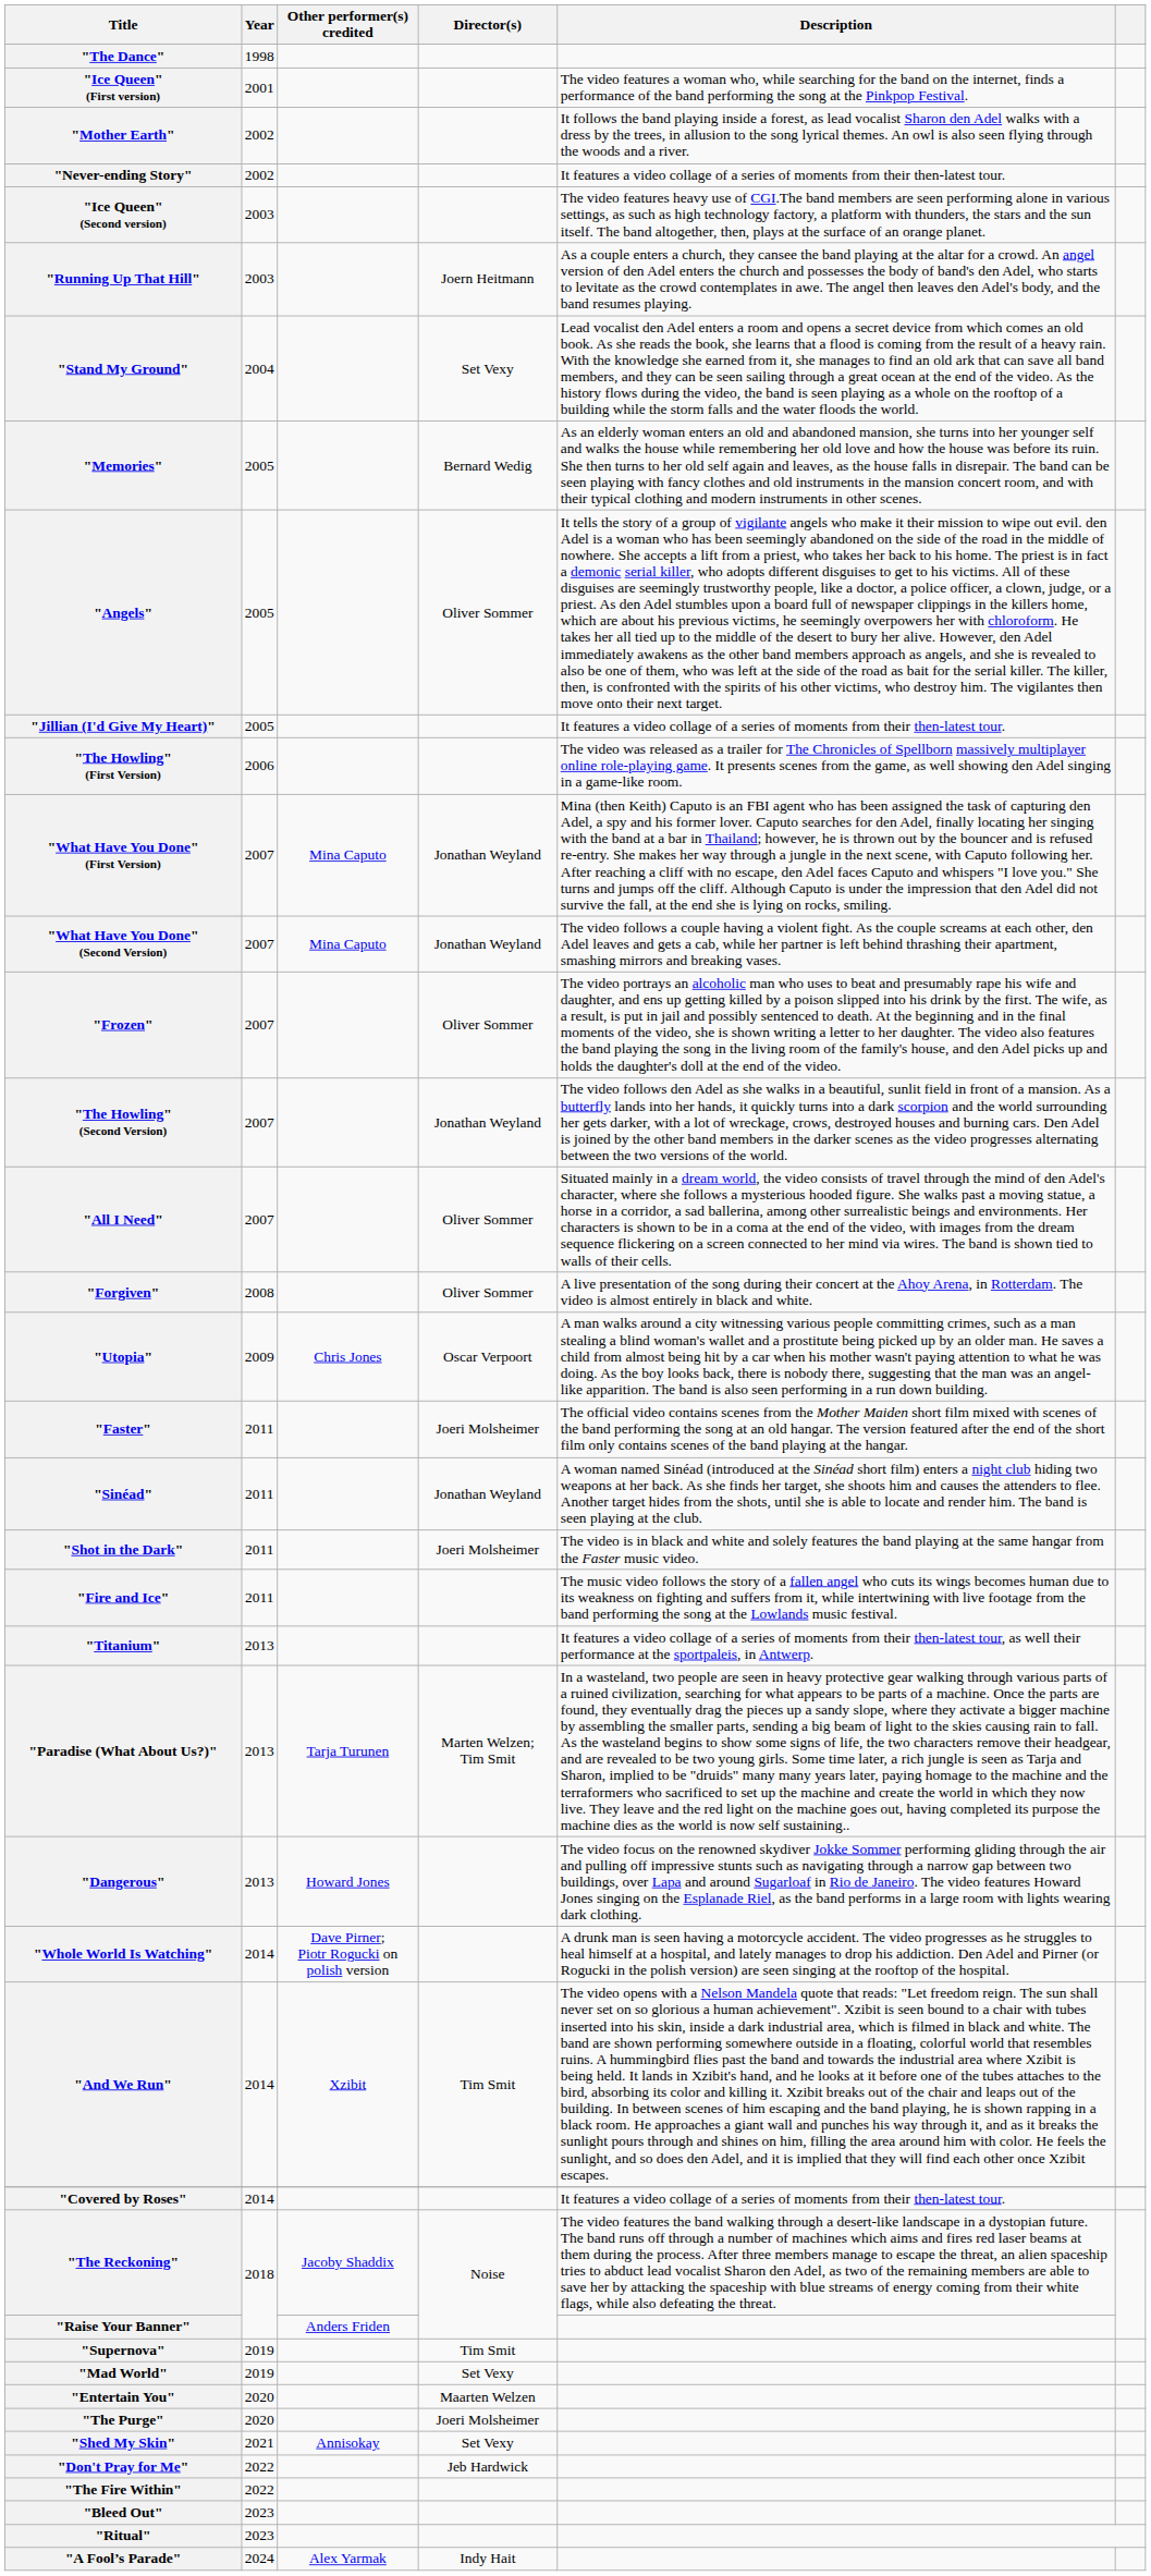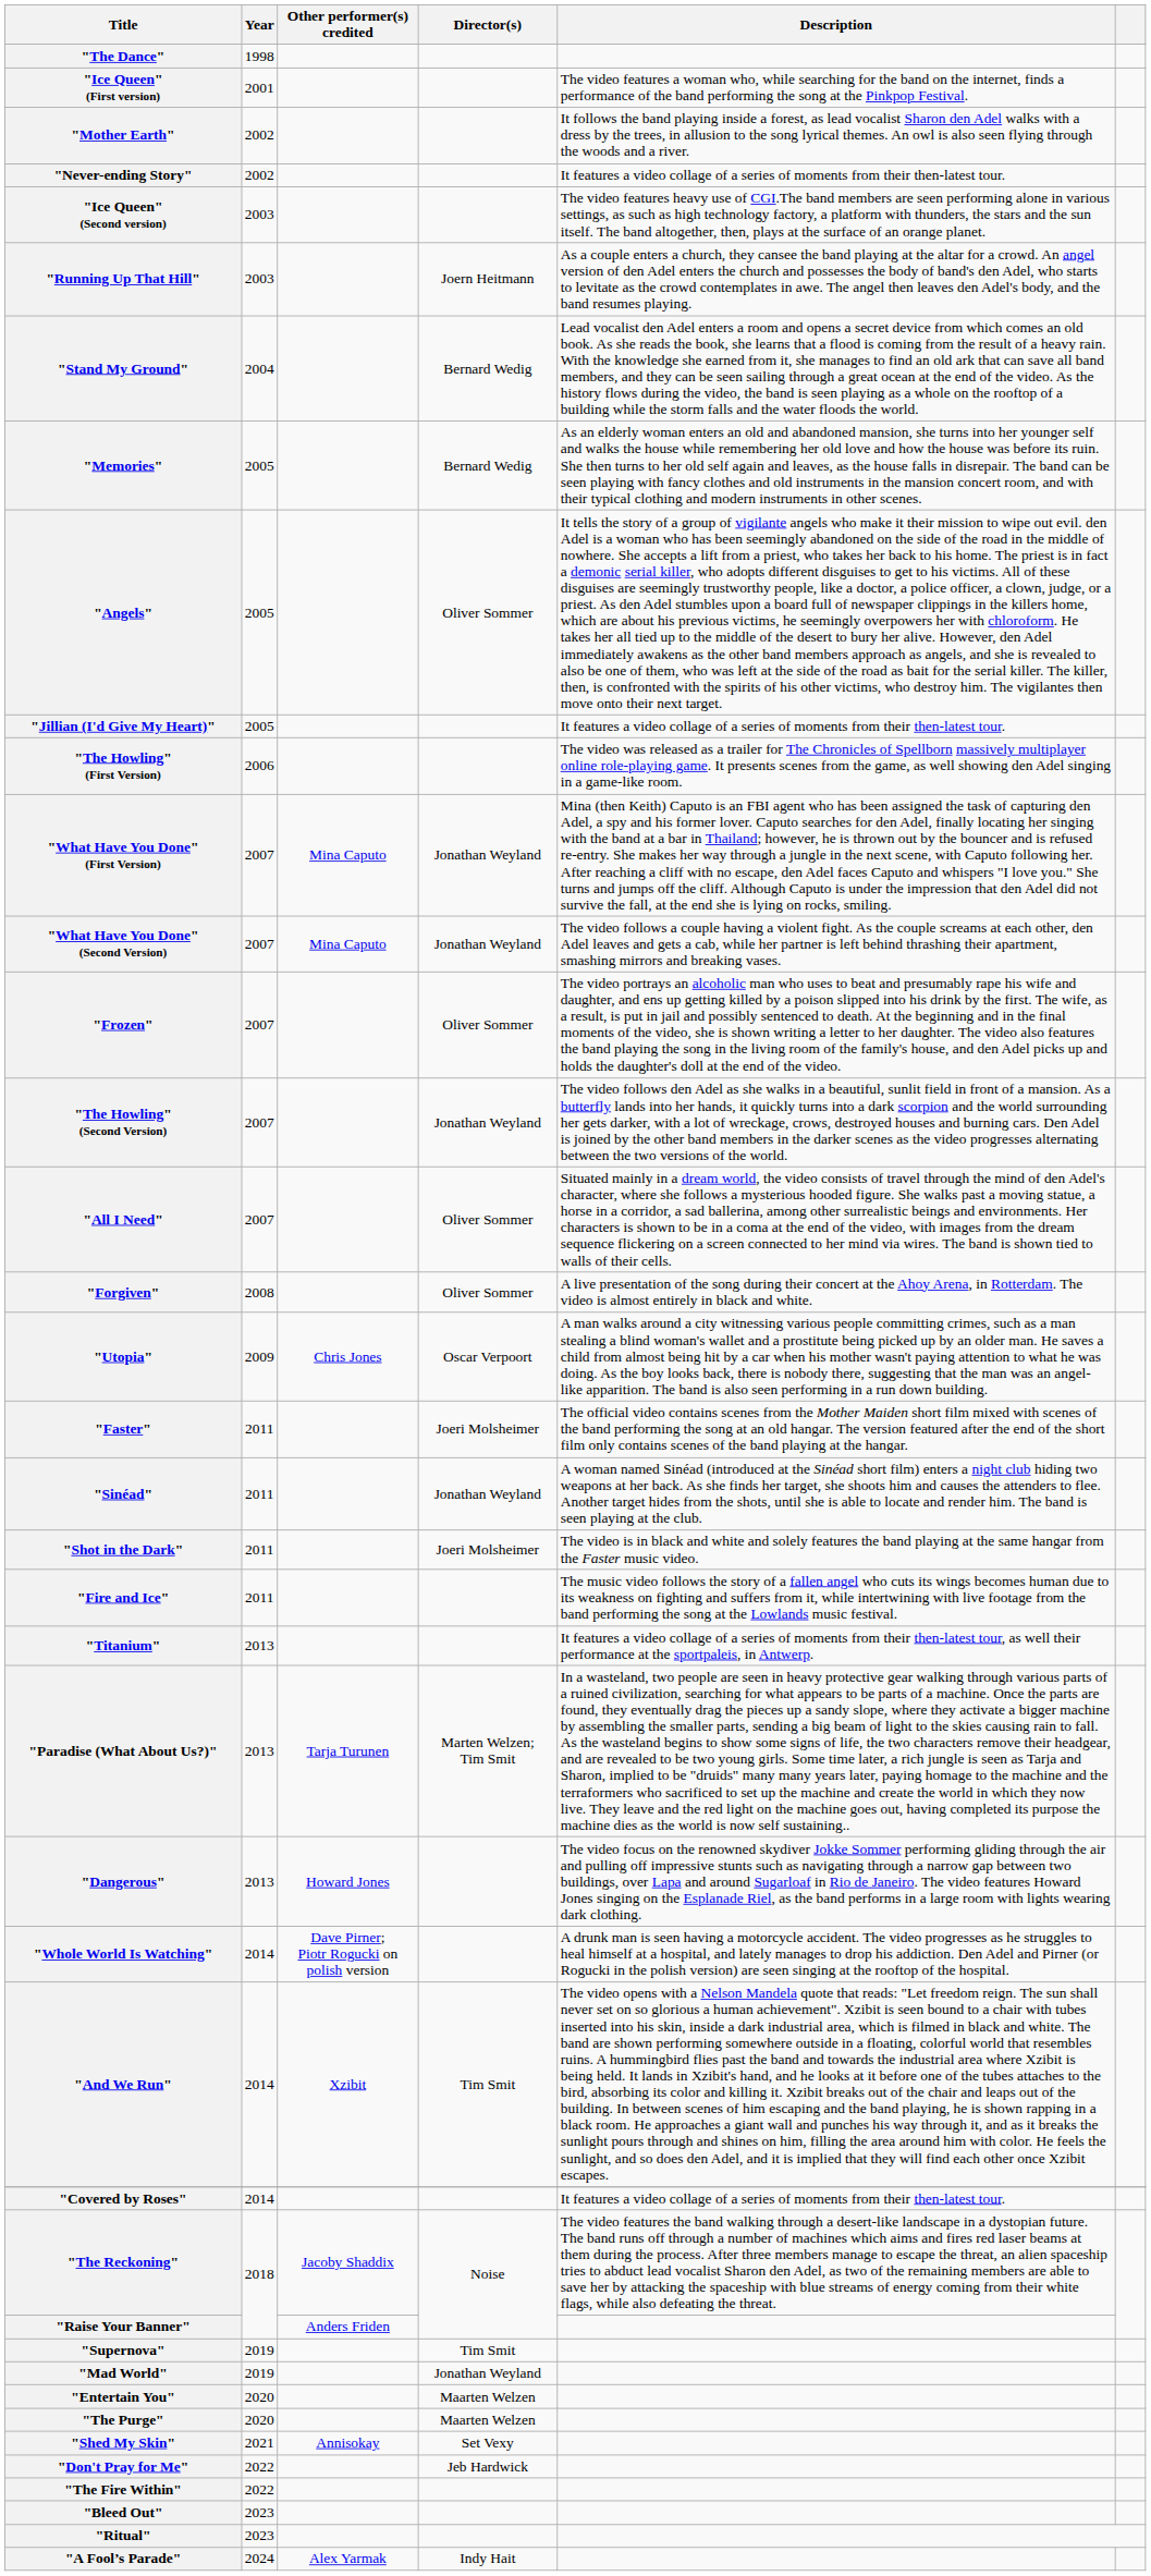 <table class="wikitable sortable plainrowheaders" style="text-align:center;">
 <tr>
 <th scope="col" style="width:18em;">Title</th>
 <th scope="col" style="width:2em;">Year</th>
 <th scope="col" style="width:10em;">Other performer(s) credited</th>
 <th scope="col" style="width:10em;">Director(s)</th>
 <th scope="col" style="width:45em;" class="unsortable">Description</th>
 <th scope="col" style="width:2em;" class="unsortable"></th>
 </tr>
 <tr>
 <th scope="row">"<a href='#'>The Dance</a>"</th>
 <td>1998</td>
 <td></td>
 <td></td>
 <td style="text-align:left;"></td>
 <td></td>
 </tr>
 <tr>
 <th scope="row">"<a href='#'>Ice Queen</a>"<br><small>(First version)</small></th>
 <td>2001</td>
 <td></td>
 <td></td>
 <td style="text-align:left;">The video features a woman who, while searching for the band on the internet, finds a performance of the band performing the song at the <a href='#'>Pinkpop Festival</a>.</td>
 <td></td>
 </tr>
 <tr>
 <th scope="row">"<a href='#'>Mother Earth</a>"</th>
 <td>2002</td>
 <td></td>
 <td></td>
 <td style="text-align:left;">It follows the band playing inside a forest, as lead vocalist <a href='#'>Sharon den Adel</a> walks with a dress by the trees, in allusion to the song lyrical themes. An owl is also seen flying through the woods and a river.</td>
 <td></td>
 </tr>
 <tr>
 <th scope="row">"Never-ending Story"</th>
 <td>2002</td>
 <td></td>
 <td></td>
 <td style="text-align:left;">It features a video collage of a series of moments from their then-latest tour.</td>
 <td></td>
 </tr>
 <tr>
 <th scope="row">"Ice Queen"<br><small>(Second version)</small></th>
 <td>2003</td>
 <td></td>
 <td></td>
 <td style="text-align:left;">The video features heavy use of <a href='#'>CGI</a>.The band members are seen performing alone in various settings, as such as high technology factory, a platform with thunders, the stars and the sun itself. The band altogether, then, plays at the surface of an orange planet.</td>
 <td></td>
 </tr>
 <tr>
 <th scope="row">"<a href='#'>Running Up That Hill</a>"</th>
 <td>2003</td>
 <td></td>
 <td>Joern Heitmann</td>
 <td style="text-align:left;">As a couple enters a church, they cansee the band playing at the altar for a crowd. An <a href='#'>angel</a> version of den Adel enters the church and possesses the body of band's den Adel, who starts to levitate as the crowd contemplates in awe. The angel then leaves den Adel's body, and the band resumes playing.</td>
 <td></td>
 </tr>
 <tr>
 <th scope="row">"<a href='#'>Stand My Ground</a>"</th>
 <td>2004</td>
 <td></td>
-<td>Set Vexy</td>
+<td>Bernard Wedig</td>
 <td style="text-align:left;">Lead vocalist den Adel enters a room and opens a secret device from which comes an old book. As she reads the book, she learns that a flood is coming from the result of a heavy rain. With the knowledge she earned from it, she manages to find an old ark that can save all band members, and they can be seen sailing through a great ocean at the end of the video. As the history flows during the video, the band is seen playing as a whole on the rooftop of a building while the storm falls and the water floods the world.</td>
 <td></td>
 </tr>
 <tr>
 <th scope="row">"<a href='#'>Memories</a>"</th>
 <td>2005</td>
 <td></td>
 <td>Bernard Wedig</td>
 <td style="text-align:left;">As an elderly woman enters an old and abandoned mansion, she turns into her younger self and walks the house while remembering her old love and how the house was before its ruin. She then turns to her old self again and leaves, as the house falls in disrepair. The band can be seen playing with fancy clothes and old instruments in the mansion concert room, and with their typical clothing and modern instruments in other scenes.</td>
 <td></td>
 </tr>
 <tr>
 <th scope="row">"<a href='#'>Angels</a>"</th>
 <td>2005</td>
 <td></td>
 <td>Oliver Sommer</td>
 <td style="text-align:left;">It tells the story of a group of <a href='#'>vigilante</a> angels who make it their mission to wipe out evil. den Adel is a woman who has been seemingly abandoned on the side of the road in the middle of nowhere. She accepts a lift from a priest, who takes her back to his home. The priest is in fact a <a href='#'>demonic</a> <a href='#'>serial killer</a>, who adopts different disguises to get to his victims. All of these disguises are seemingly trustworthy people, like a doctor, a police officer, a clown, judge, or a priest. As den Adel stumbles upon a board full of newspaper clippings in the killers home, which are about his previous victims, he seemingly overpowers her with <a href='#'>chloroform</a>. He takes her all tied up to the middle of the desert to bury her alive. However, den Adel immediately awakens as the other band members approach as angels, and she is revealed to also be one of them, who was left at the side of the road as bait for the serial killer. The killer, then, is confronted with the spirits of his other victims, who destroy him. The vigilantes then move onto their next target.</td>
 <td></td>
 </tr>
 <tr>
 <th scope="row">"<a href='#'>Jillian (I'd Give My Heart)</a>"</th>
 <td>2005</td>
 <td></td>
 <td></td>
 <td style="text-align:left;">It features a video collage of a series of moments from their <a href='#'>then-latest tour</a>.</td>
 <td></td>
 </tr>
 <tr>
 <th scope="row">"<a href='#'>The Howling</a>"<br><small>(First Version)</small></th>
 <td>2006</td>
 <td></td>
 <td></td>
 <td style="text-align:left;">The video was released as a trailer for <a href='#'>The Chronicles of Spellborn</a> <a href='#'>massively multiplayer online role-playing game</a>. It presents scenes from the game, as well showing den Adel singing in a game-like room.</td>
 <td></td>
 </tr>
 <tr>
 <th scope="row">"<a href='#'>What Have You Done</a>"<br><small>(First Version)</small></th>
 <td>2007</td>
 <td><a href='#'>Mina Caputo</a></td>
 <td>Jonathan Weyland</td>
 <td style="text-align:left;">Mina (then Keith) Caputo is an FBI agent who has been assigned the task of capturing den Adel, a spy and his former lover. Caputo searches for den Adel, finally locating her singing with the band at a bar in <a href='#'>Thailand</a>; however, he is thrown out by the bouncer and is refused re-entry. She makes her way through a jungle in the next scene, with Caputo following her. After reaching a cliff with no escape, den Adel faces Caputo and whispers "I love you." She turns and jumps off the cliff. Although Caputo is under the impression that den Adel did not survive the fall, at the end she is lying on rocks, smiling.</td>
 <td></td>
 </tr>
 <tr>
 <th scope="row">"<a href='#'>What Have You Done</a>"<br><small>(Second Version)</small></th>
 <td>2007</td>
 <td><a href='#'>Mina Caputo</a></td>
 <td>Jonathan Weyland</td>
 <td style="text-align:left;">The video follows a couple having a violent fight. As the couple screams at each other, den Adel leaves and gets a cab, while her partner is left behind thrashing their apartment, smashing mirrors and breaking vases.</td>
 <td></td>
 </tr>
 <tr>
 <th scope="row">"<a href='#'>Frozen</a>"</th>
 <td>2007</td>
 <td></td>
 <td>Oliver Sommer</td>
 <td style="text-align:left;">The video portrays an <a href='#'>alcoholic</a> man who uses to beat and presumably rape his wife and daughter, and ens up getting killed by a poison slipped into his drink by the first. The wife, as a result, is put in jail and possibly sentenced to death. At the beginning and in the final moments of the video, she is shown writing a letter to her daughter. The video also features the band playing the song in the living room of the family's house, and den Adel picks up and holds the daughter's doll at the end of the video.</td>
 <td></td>
 </tr>
 <tr>
 <th scope="row">"<a href='#'>The Howling</a>"<br><small>(Second Version)</small></th>
 <td>2007</td>
 <td></td>
 <td>Jonathan Weyland</td>
 <td style="text-align:left;">The video follows den Adel as she walks in a beautiful, sunlit field in front of a mansion. As a <a href='#'>butterfly</a> lands into her hands, it quickly turns into a dark <a href='#'>scorpion</a> and the world surrounding her gets darker, with a lot of wreckage, crows, destroyed houses and burning cars. Den Adel is joined by the other band members in the darker scenes as the video progresses alternating between the two versions of the world.</td>
 <td></td>
 </tr>
 <tr>
 <th scope="row">"<a href='#'>All I Need</a>"</th>
 <td>2007</td>
 <td></td>
 <td>Oliver Sommer</td>
 <td style="text-align:left;">Situated mainly in a <a href='#'>dream world</a>, the video consists of travel through the mind of den Adel's character, where she follows a mysterious hooded figure. She walks past a moving statue, a horse in a corridor, a sad ballerina, among other surrealistic beings and environments. Her characters is shown to be in a coma at the end of the video, with images from the dream sequence flickering on a screen connected to her mind via wires. The band is shown tied to walls of their cells.</td>
 <td></td>
 </tr>
 <tr>
 <th scope="row">"<a href='#'>Forgiven</a>"</th>
 <td>2008</td>
 <td></td>
 <td>Oliver Sommer</td>
 <td style="text-align:left;">A live presentation of the song during their concert at the <a href='#'>Ahoy Arena</a>, in <a href='#'>Rotterdam</a>. The video is almost entirely in black and white.</td>
 <td></td>
 </tr>
 <tr>
 <th scope="row">"<a href='#'>Utopia</a>"</th>
 <td>2009</td>
 <td><a href='#'>Chris Jones</a></td>
 <td>Oscar Verpoort</td>
 <td style="text-align:left;">A man walks around a city witnessing various people committing crimes, such as a man stealing a blind woman's wallet and a prostitute being picked up by an older man. He saves a child from almost being hit by a car when his mother wasn't paying attention to what he was doing. As the boy looks back, there is nobody there, suggesting that the man was an angel-like apparition. The band is also seen performing in a run down building.</td>
 <td></td>
 </tr>
 <tr>
 <th scope="row">"<a href='#'>Faster</a>"</th>
 <td>2011</td>
 <td></td>
 <td>Joeri Molsheimer</td>
 <td style="text-align:left;">The official video contains scenes from the <em>Mother Maiden</em> short film mixed with scenes of the band performing the song at an old hangar. The version featured after the end of the short film only contains scenes of the band playing at the hangar.</td>
 <td></td>
 </tr>
 <tr>
 <th scope="row">"<a href='#'>Sinéad</a>"</th>
 <td>2011</td>
 <td></td>
 <td>Jonathan Weyland</td>
 <td style="text-align:left;">A woman named Sinéad (introduced at the <em>Sinéad</em> short film) enters a <a href='#'>night club</a> hiding two weapons at her back. As she finds her target, she shoots him and causes the attenders to flee. Another target hides from the shots, until she is able to locate and render him. The band is seen playing at the club.</td>
 <td></td>
 </tr>
 <tr>
 <th scope="row">"<a href='#'>Shot in the Dark</a>"</th>
 <td>2011</td>
 <td></td>
 <td>Joeri Molsheimer</td>
 <td style="text-align:left;">The video is in black and white and solely features the band playing at the same hangar from the <em>Faster</em> music video.</td>
 <td></td>
 </tr>
 <tr>
 <th scope="row">"<a href='#'>Fire and Ice</a>"</th>
 <td>2011</td>
 <td></td>
 <td></td>
 <td style="text-align:left;">The music video follows the story of a <a href='#'>fallen angel</a> who cuts its wings becomes human due to its weakness on fighting and suffers from it, while intertwining with live footage from the band performing the song at the <a href='#'>Lowlands</a> music festival.</td>
 <td></td>
 </tr>
 <tr>
 <th scope="row">"<a href='#'>Titanium</a>"</th>
 <td>2013</td>
 <td></td>
 <td></td>
 <td style="text-align:left;">It features a video collage of a series of moments from their <a href='#'>then-latest tour</a>, as well their performance at the <a href='#'>sportpaleis</a>, in <a href='#'>Antwerp</a>.</td>
 <td></td>
 </tr>
 <tr>
 <th scope="row">"Paradise (What About Us?)"</th>
 <td>2013</td>
 <td><a href='#'>Tarja Turunen</a></td>
 <td>Marten Welzen;<br>Tim Smit</td>
 <td style="text-align:left;">In a wasteland, two people are seen in heavy protective gear walking through various parts of a ruined civilization, searching for what appears to be parts of a machine. Once the parts are found, they eventually drag the pieces up a sandy slope, where they activate a bigger machine by assembling the smaller parts, sending a big beam of light to the skies causing rain to fall. As the wasteland begins to show some signs of life, the two characters remove their headgear, and are revealed to be two young girls. Some time later, a rich jungle is seen as Tarja and Sharon, implied to be "druids" many many years later, paying homage to the machine and the terraformers who sacrificed to set up the machine and create the world in which they now live. They leave and the red light on the machine goes out, having completed its purpose the machine dies as the world is now self sustaining..</td>
 <td></td>
 </tr>
 <tr>
 <th scope="row">"<a href='#'>Dangerous</a>"</th>
 <td>2013</td>
 <td><a href='#'>Howard Jones</a></td>
 <td></td>
 <td style="text-align:left;">The video focus on the renowned skydiver <a href='#'>Jokke Sommer</a> performing gliding through the air and pulling off impressive stunts such as navigating through a narrow gap between two buildings, over <a href='#'>Lapa</a> and around <a href='#'>Sugarloaf</a> in <a href='#'>Rio de Janeiro</a>. The video features Howard Jones singing on the <a href='#'>Esplanade Riel</a>, as the band performs in a large room with lights wearing dark clothing.</td>
 <td></td>
 </tr>
 <tr>
 <th scope="row">"<a href='#'>Whole World Is Watching</a>"</th>
 <td>2014</td>
 <td><a href='#'>Dave Pirner</a>;<br> <a href='#'>Piotr Rogucki</a> on <a href='#'>polish</a> version</td>
 <td></td>
 <td style="text-align:left;">A drunk man is seen having a motorcycle accident. The video progresses as he struggles to heal himself at a hospital, and lately manages to drop his addiction. Den Adel and Pirner (or Rogucki in the polish version) are seen singing at the rooftop of the hospital.</td>
 <td></td>
 </tr>
 <tr>
 <th scope="row">"<a href='#'>And We Run</a>"</th>
 <td>2014</td>
 <td><a href='#'>Xzibit</a></td>
 <td>Tim Smit</td>
 <td style="text-align:left;">The video opens with a <a href='#'>Nelson Mandela</a> quote that reads: "Let freedom reign. The sun shall never set on so glorious a human achievement". Xzibit is seen bound to a chair with tubes inserted into his skin, inside a dark industrial area, which is filmed in black and white. The band are shown performing somewhere outside in a floating, colorful world that resembles ruins. A hummingbird flies past the band and towards the industrial area where Xzibit is being held. It lands in Xzibit's hand, and he looks at it before one of the tubes attaches to the bird, absorbing its color and killing it. Xzibit breaks out of the chair and leaps out of the building. In between scenes of him escaping and the band playing, he is shown rapping in a black room. He approaches a giant wall and punches his way through it, and as it breaks the sunlight pours through and shines on him, filling the area around him with color. He feels the sunlight, and so does den Adel, and it is implied that they will find each other once Xzibit escapes.</td>
 <td></td>
 </tr>
 <tr>
 </tr>
 <tr>
 <th scope="row">"Covered by Roses"</th>
 <td>2014</td>
 <td></td>
 <td></td>
 <td style="text-align:left;">It features a video collage of a series of moments from their <a href='#'>then-latest tour</a>.</td>
 <td></td>
 </tr>
 <tr>
 <th scope="row">"<a href='#'>The Reckoning</a>"</th>
 <td rowspan="2">2018</td>
 <td><a href='#'>Jacoby Shaddix</a></td>
 <td rowspan="2">Noise</td>
 <td style="text-align:left;">The video features the band walking through a desert-like landscape in a dystopian future. The band runs off through a number of machines which aims and fires red laser beams at them during the process. After three members manage to escape the threat, an alien spaceship tries to abduct lead vocalist Sharon den Adel, as two of the remaining members are able to save her by attacking the spaceship with blue streams of energy coming from their white flags, while also defeating the threat.</td>
 </tr>
 <tr>
 <th scope="row">"Raise Your Banner"</th>
 <td><a href='#'>Anders Friden</a></td>
 <td></td>
 </tr>
 <tr>
 <th scope="row">"Supernova"</th>
 <td>2019</td>
 <td></td>
 <td>Tim Smit</td>
 <td style="text-align:left;"></td>
 <td></td>
 </tr>
 <tr>
 <th scope="row">"Mad World"</th>
 <td>2019</td>
 <td></td>
-<td>Set Vexy</td>
+<td>Jonathan Weyland</td>
 <td style="text-align:left;"></td>
 <td></td>
 </tr>
 <tr>
 <th scope="row">"Entertain You"</th>
 <td>2020</td>
 <td></td>
 <td>Maarten Welzen</td>
 <td style="text-alogn:left;"></td>
 <td></td>
 </tr>
 <tr>
 <th scope="row">"The Purge"</th>
 <td>2020</td>
 <td></td>
-<td>Joeri Molsheimer</td>
+<td>Maarten Welzen</td>
 <td style="text-align:left;"></td>
 <td></td>
 </tr>
 <tr>
 <th scope="row">"<a href='#'>Shed My Skin</a>"</th>
 <td>2021</td>
 <td><a href='#'>Annisokay</a></td>
 <td>Set Vexy</td>
 <td style="text-align:left;"></td>
 <td></td>
 </tr>
 <tr>
 <th scope="row">"<a href='#'>Don't Pray for Me</a>"</th>
 <td>2022</td>
 <td></td>
 <td>Jeb Hardwick</td>
 <td style="text-align:left;"></td>
 <td></td>
 </tr>
 <tr>
 <th scope="row">"The Fire Within"</th>
 <td>2022</td>
 <td></td>
 <td></td>
 <td style="text-align:left;"></td>
 <td></td>
 </tr>
 <tr>
 <th scope="row">"Bleed Out"</th>
 <td>2023</td>
 <td></td>
 <td></td>
 <td style="text-align:left;"></td>
 <td></td>
 </tr>
 <tr>
 <th scope="row">"Ritual"</th>
 <td>2023</td>
 <td></td>
 <td></td>
 </tr>
 <tr>
 <th scope="row">"A Fool’s Parade"</th>
 <td>2024</td>
 <td><a href='#'>Alex Yarmak</a></td>
 <td>Indy Hait</td>
 <td style="text-align:left;"></td>
 <td></td>
 </tr>
 </table>
